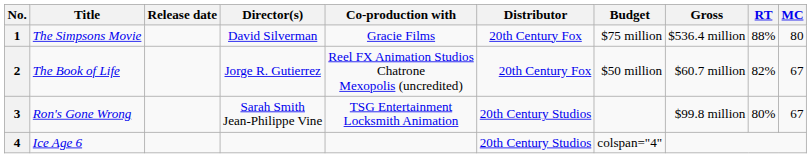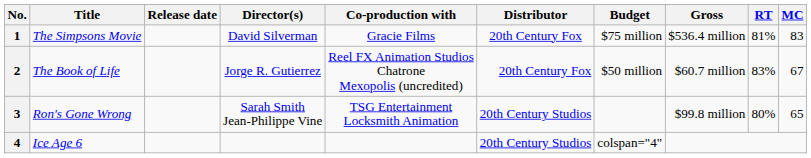 <table class="wikitable sortable plainrowheaders" style="text-align: right;">
 <tr>
 <th scope="col">No.</th>
 <th scope="col">Title</th>
 <th scope="col">Release date</th>
 <th scope="col">Director(s)</th>
 <th scope="col">Co-production with</th>
 <th scope="col">Distributor</th>
 <th scope="col">Budget</th>
 <th scope="col">Gross</th>
 <th scope="col"><a href='#'>RT</a></th>
 <th scope="col"><a href='#'>MC</a></th>
 </tr>
 <tr>
 <th>1</th>
 <td align="left"><em><a href='#'>The Simpsons Movie</a></em></td>
 <td style="text-align:center;"></td>
 <td style="text-align:center"><a href='#'>David Silverman</a></td>
 <td style="text-align:center"><a href='#'>Gracie Films</a></td>
 <td style="text-align:center;"><a href='#'>20th Century Fox</a></td>
 <td>$75 million</td>
 <td>$536.4 million</td>
-<td>88%</td>
-<td>80</td>
+<td>81%</td>
+<td>83</td>
 </tr>
 <tr>
 <th>2</th>
 <td align="left"><em><a href='#'>The Book of Life</a></em></td>
 <td style="text-align:center;"></td>
 <td style="text-align:center"><a href='#'>Jorge R. Gutierrez</a></td>
 <td style="text-align:center;"><a href='#'>Reel FX Animation Studios</a><br>Chatrone<br><a href='#'>Mexopolis</a> (uncredited)</td>
 <td><a href='#'>20th Century Fox</a></td>
 <td>$50 million</td>
 <td>$60.7 million</td>
-<td>82%</td>
+<td>83%</td>
 <td>67</td>
 </tr>
 <tr>
 <th>3</th>
 <td align="left"><em><a href='#'>Ron's Gone Wrong</a></em></td>
 <td style="text-align:center;"></td>
 <td style="text-align:center"><a href='#'>Sarah Smith</a><br>Jean-Philippe Vine</td>
 <td style="text-align:center;"><a href='#'>TSG Entertainment</a><br><a href='#'>Locksmith Animation</a></td>
 <td style="text-align:center"><a href='#'>20th Century Studios</a></td>
 <td></td>
 <td>$99.8 million</td>
 <td>80%</td>
-<td>67</td>
+<td>65</td>
 </tr>
 <tr>
 <th>4</th>
 <td align="left"><em><a href='#'>Ice Age 6</a></em></td>
 <td style="text-align:center;"></td>
 <td></td>
 <td></td>
 <td><a href='#'>20th Century Studios</a></td>
 <td>colspan="4" </td>
 </tr>
 </table>
